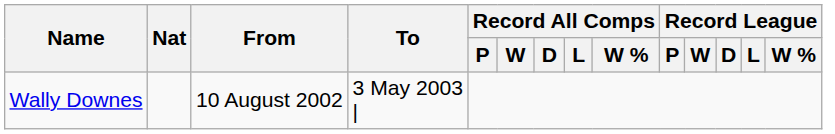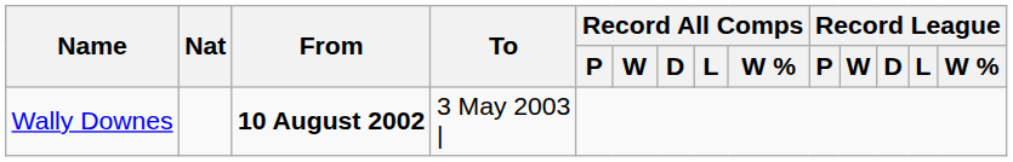 <table class="wikitable" style="text-align: center">
 <tr>
 <th rowspan="2">Name</th>
 <th rowspan="2">Nat</th>
 <th rowspan="2">From</th>
 <th rowspan="2">To</th>
 <th colspan="5">Record All Comps</th>
 <th colspan="5">Record League</th>
 </tr>
 <tr>
 <th>P</th>
 <th>W</th>
 <th>D</th>
 <th>L</th>
 <th>W %</th>
 <th>P</th>
 <th>W</th>
 <th>D</th>
 <th>L</th>
 <th>W %</th>
 </tr>
 <tr>
 <td align=left><a href='#'>Wally Downes</a></td>
 <td></td>
-<td align=left>10 August 2002</td>
+<td align=left><strong>10 August 2002</strong></td>
 <td align=left>3 May 2003<br>|</td>
 </tr>
 </table>
